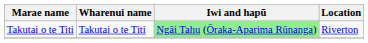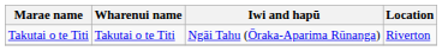 <table class="wikitable sortable">
 <tr>
 <th>Marae name</th>
 <th>Wharenui name</th>
 <th>Iwi and hapū</th>
 <th>Location</th>
 </tr>
 <tr>
 <td><a href='#'>Takutai o te Titi</a></td>
 <td><a href='#'>Takutai o te Titi</a></td>
-<td style="background: lightgreen;"><a href='#'>Ngāi Tahu</a> (<a href='#'>Ōraka-Aparima Rūnanga</a>)</td>
+<td><a href='#'>Ngāi Tahu</a> (<a href='#'>Ōraka-Aparima Rūnanga</a>)</td>
 <td><a href='#'>Riverton</a></td>
 </tr>
 <tr>
 </tr>
 </table>
